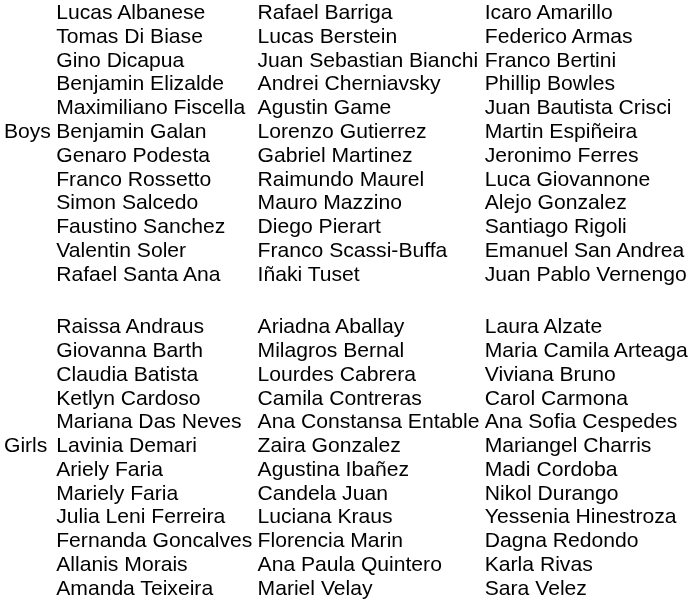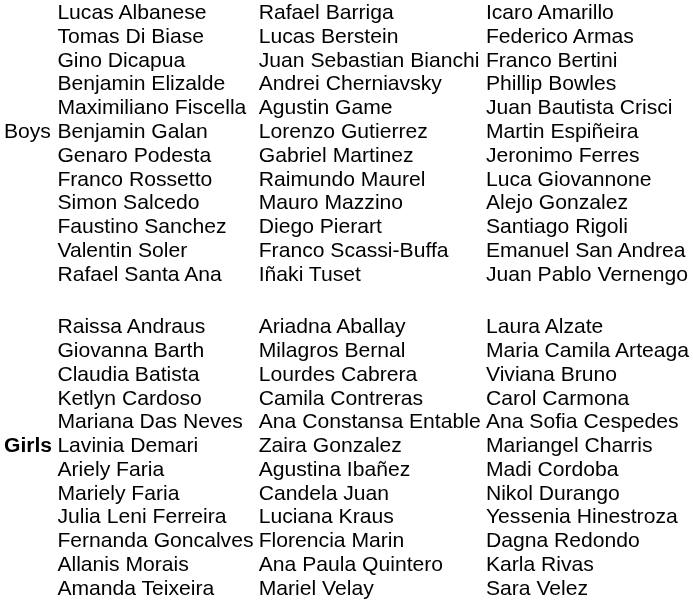 <table>
 <tr>
 <td>Boys</td>
 <td nowrap><br>Lucas Albanese<br>Tomas Di Biase<br>Gino Dicapua<br>Benjamin Elizalde<br>Maximiliano Fiscella<br>Benjamin Galan<br>Genaro Podesta<br>Franco Rossetto<br>Simon Salcedo<br>Faustino Sanchez<br>Valentin Soler<br>Rafael Santa Ana</td>
 <td nowrap><br>Rafael Barriga<br>Lucas Berstein<br>Juan Sebastian Bianchi<br>Andrei Cherniavsky<br>Agustin Game<br>Lorenzo Gutierrez<br>Gabriel Martinez<br>Raimundo Maurel<br>Mauro Mazzino<br>Diego Pierart<br>Franco Scassi-Buffa<br>Iñaki Tuset</td>
 <td nowrap><br>Icaro Amarillo<br>Federico Armas<br>Franco Bertini<br>Phillip Bowles<br>Juan Bautista Crisci<br>Martin Espiñeira<br>Jeronimo Ferres<br>Luca Giovannone<br>Alejo Gonzalez<br>Santiago Rigoli<br>Emanuel San Andrea<br>Juan Pablo Vernengo</td>
 </tr>
 <tr>
-<td>Girls</td>
+<td><strong>Girls</strong></td>
 <td nowrap><br>Raissa Andraus<br>Giovanna Barth<br>Claudia Batista<br>Ketlyn Cardoso<br>Mariana Das Neves<br>Lavinia Demari<br>Ariely Faria<br>Mariely Faria<br>Julia Leni Ferreira<br>Fernanda Goncalves<br>Allanis Morais<br>Amanda Teixeira</td>
 <td nowrap><br>Ariadna Aballay<br>Milagros Bernal<br>Lourdes Cabrera<br>Camila Contreras<br>Ana Constansa Entable<br>Zaira Gonzalez<br>Agustina Ibañez<br>Candela Juan<br>Luciana Kraus<br>Florencia Marin<br>Ana Paula Quintero<br>Mariel Velay</td>
 <td nowrap><br>Laura Alzate<br>Maria Camila Arteaga<br>Viviana Bruno<br>Carol Carmona<br>Ana Sofia Cespedes<br>Mariangel Charris<br>Madi Cordoba<br>Nikol Durango<br>Yessenia Hinestroza<br>Dagna Redondo<br>Karla Rivas<br>Sara Velez</td>
 </tr>
 </table>
